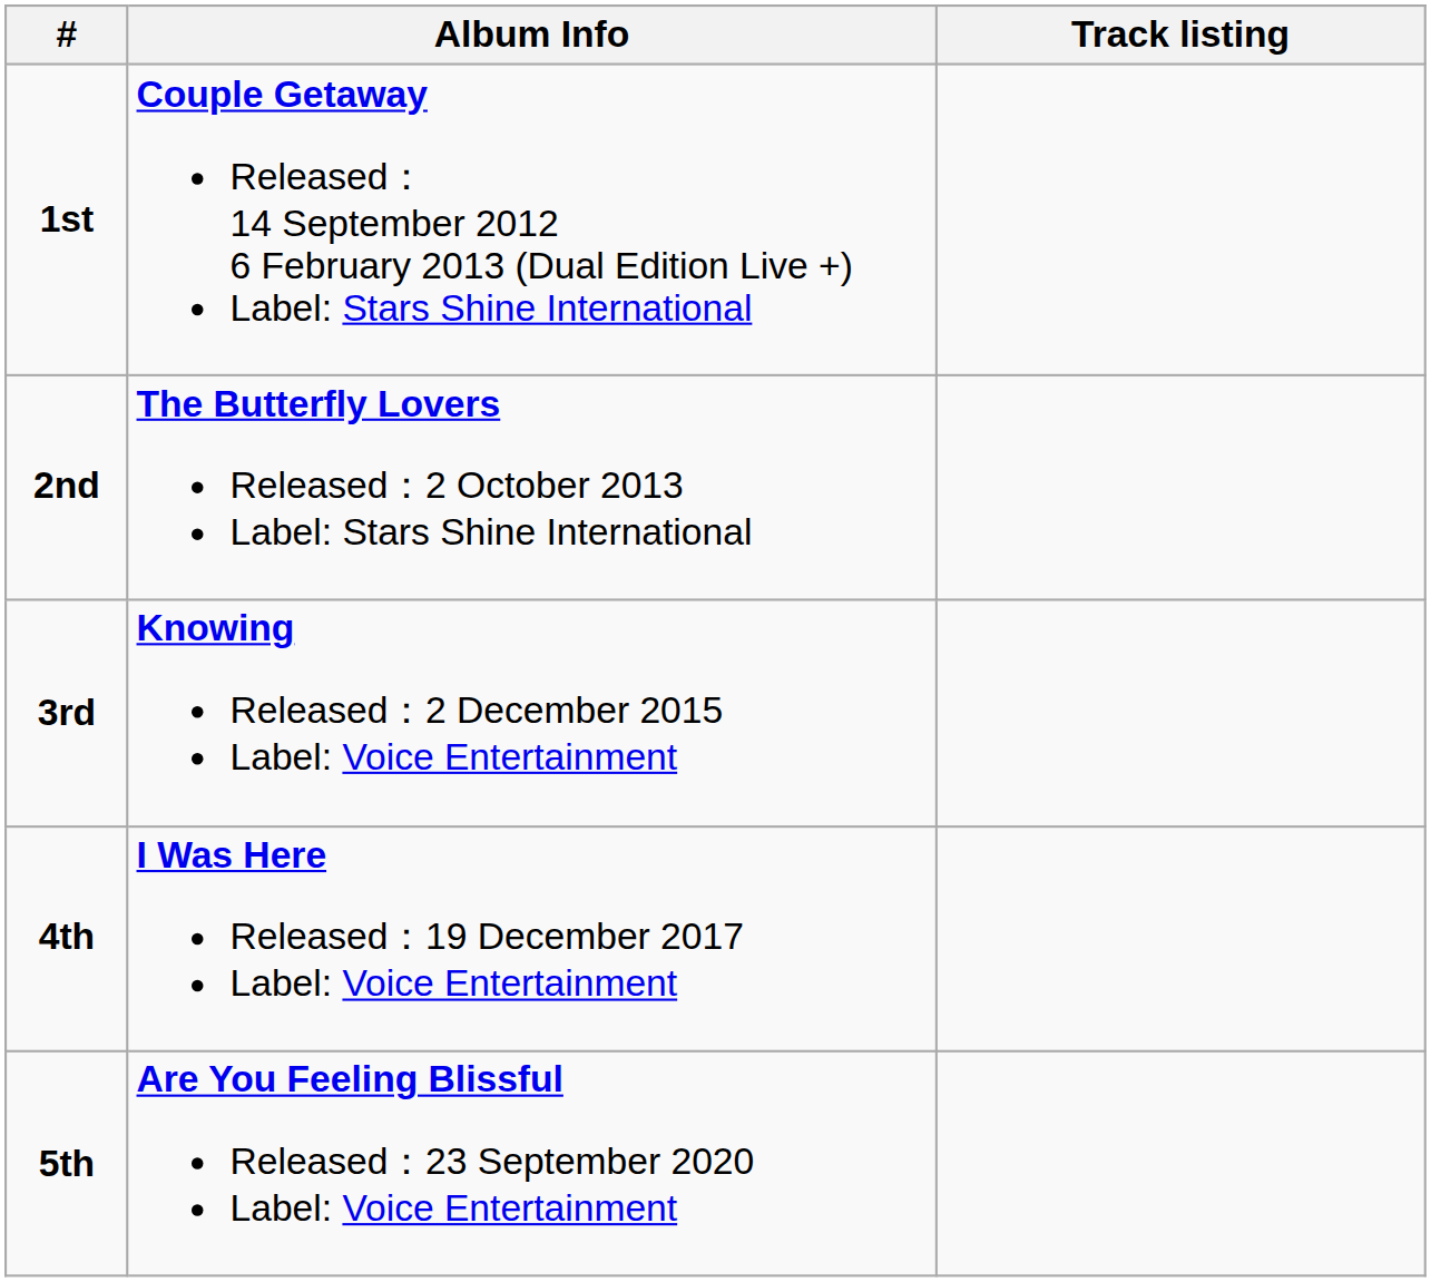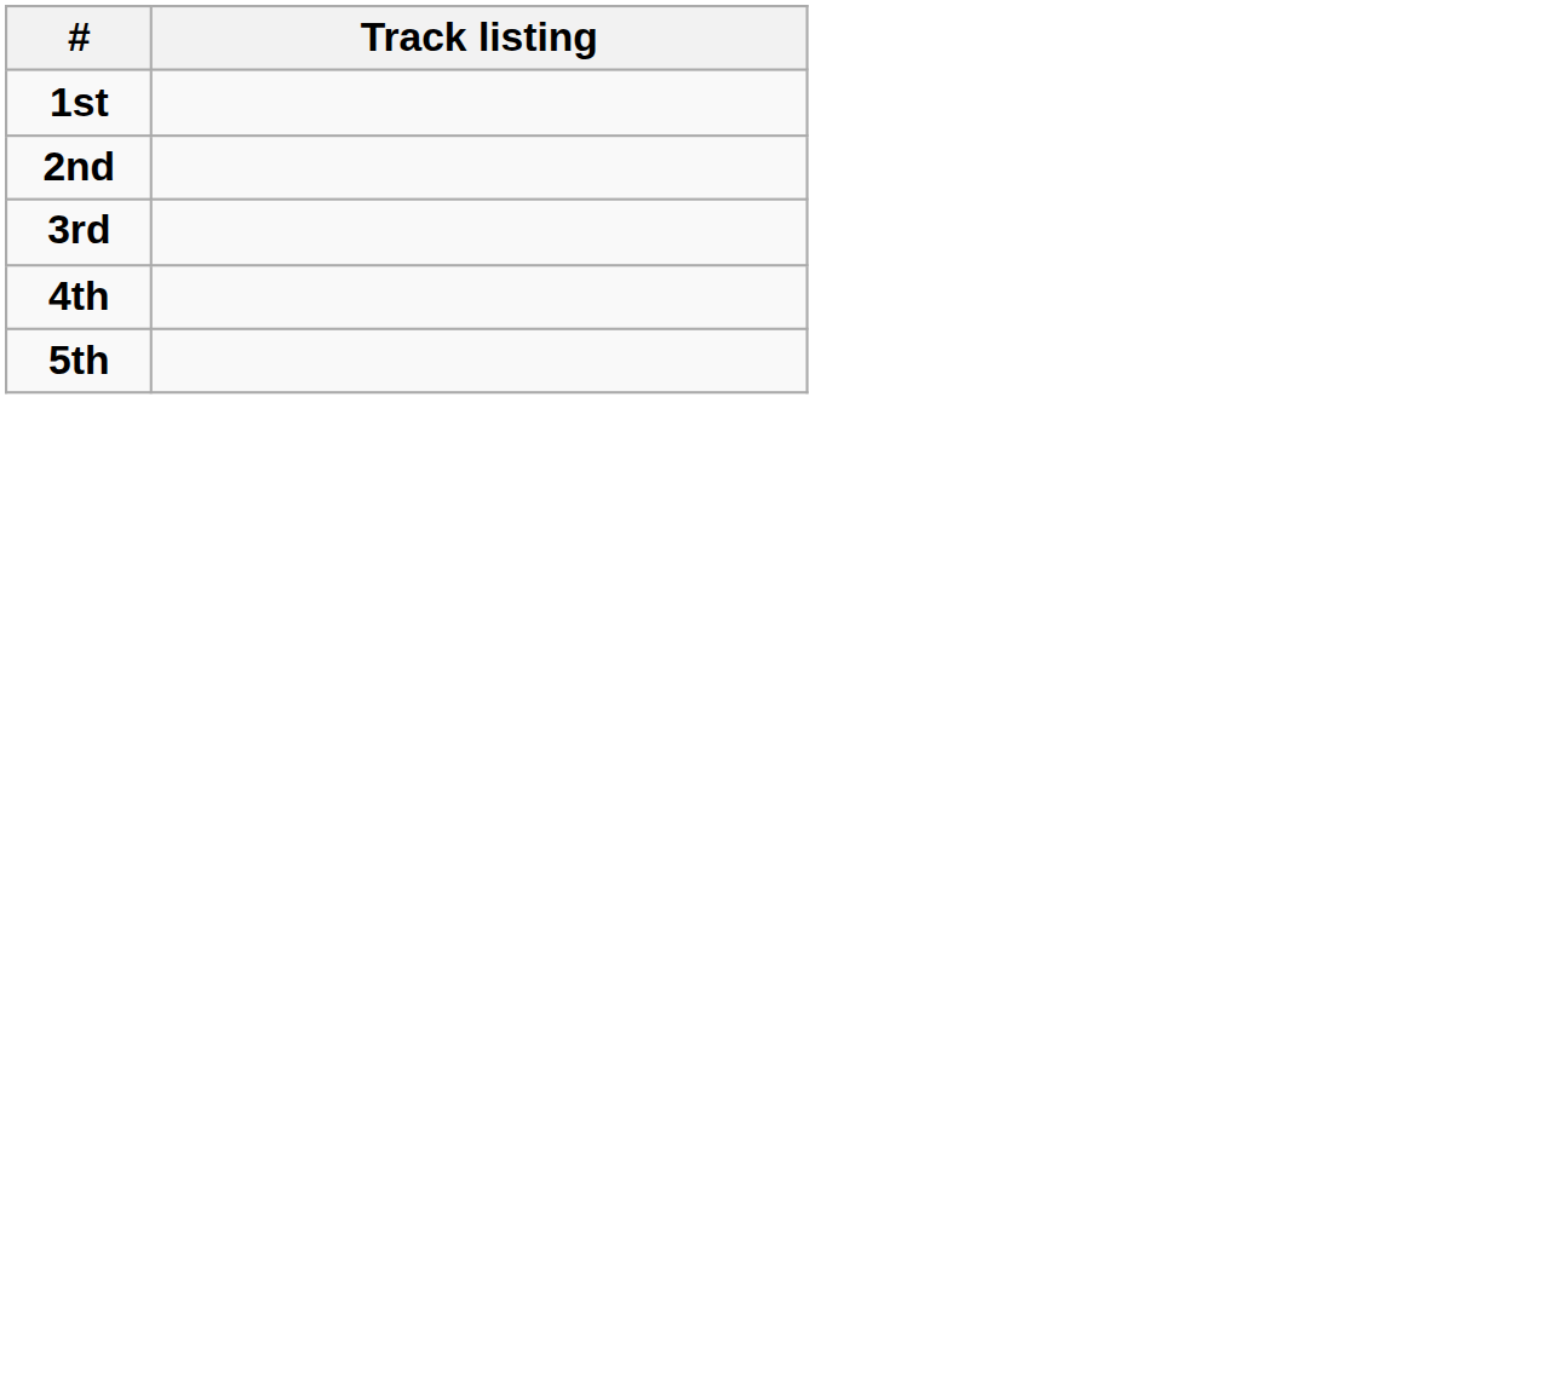 <table class="wikitable">
 <tr>
 <th align="left" width="50px">#</th>
-<th align="left" width="400px">Album Info</th>
 <th align="left" width="250px">Track listing</th>
 </tr>
 <tr>
 <td align="center"><strong>1st</strong></td>
-<td align="left"><strong><a href='#'>Couple Getaway</a></strong><br><ul><li>Released：<br> 14 September 2012 <br> 6 February 2013 (Dual Edition Live +)</li><li>Label: <a href='#'>Stars Shine International</a></li></ul></td>
 <td align="left" style="font-size: 85%;"><br>  </td>
 </tr>
 <tr>
 <td align="center"><strong>2nd</strong></td>
-<td align="left"><strong><a href='#'>The Butterfly Lovers</a></strong><br><ul><li>Released：2 October 2013</li><li>Label: Stars Shine International</li></ul></td>
 <td align="left" style="font-size: 85%;"><br> </td>
 </tr>
 <tr>
 <td align="center"><strong>3rd</strong></td>
-<td align="left"><strong><a href='#'>Knowing</a></strong><br><ul><li>Released：2 December 2015</li><li>Label: <a href='#'>Voice Entertainment</a></li></ul></td>
 <td align="left" style="font-size: 85%;"><br></td>
 </tr>
 <tr>
 <td align="center"><strong>4th</strong></td>
-<td align="left"><strong><a href='#'>I Was Here</a></strong> <br><ul><li>Released：19 December 2017</li><li>Label: <a href='#'>Voice Entertainment</a></li></ul></td>
 <td align="left" style="font-size: 85%;"><br></td>
 </tr>
 <tr>
 <td align="center"><strong>5th</strong></td>
-<td align="left"><strong><a href='#'>Are You Feeling Blissful</a></strong> <br><ul><li>Released：23 September 2020</li><li>Label: <a href='#'>Voice Entertainment</a></li></ul></td>
 <td align="left" style="font-size: 85%;"><br></td>
 </tr>
 </table>
